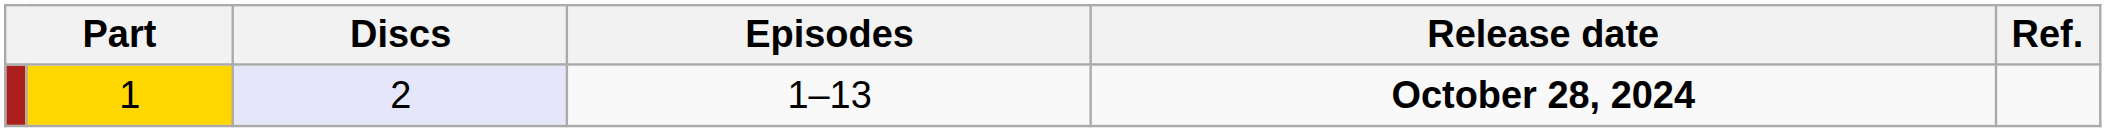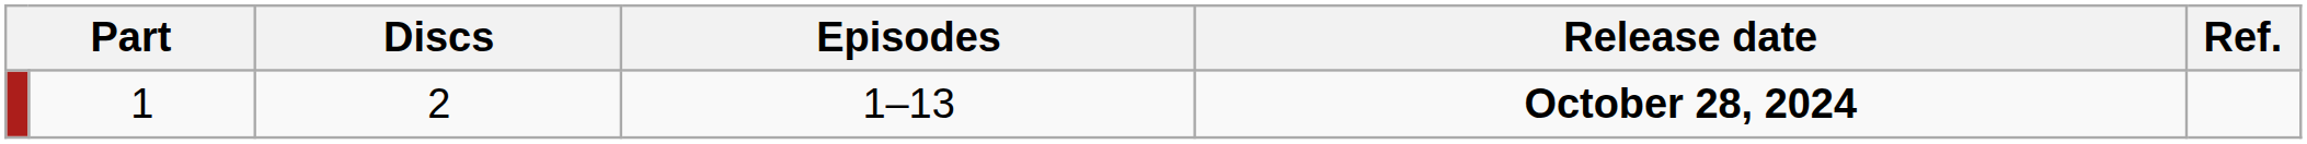 <table class="wikitable" style="text-align: center; width: 70%;">
 <tr>
 <th colspan="2">Part</th>
 <th>Discs</th>
 <th>Episodes</th>
 <th>Release date</th>
 <th width="5%">Ref.</th>
 </tr>
 <tr>
 <td width="1%" style="background: #AC1E1B;"></td>
-<td style="background: gold;">1</td>
-<td style="background: lavender;">2</td>
+<td>1</td>
+<td>2</td>
 <td>1–13</td>
 <td><strong>October 28, 2024</strong></td>
 <td></td>
 </tr>
 </table>
